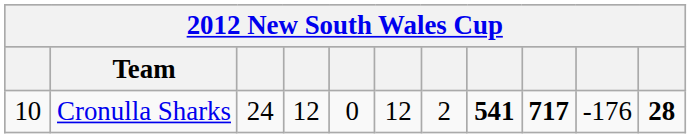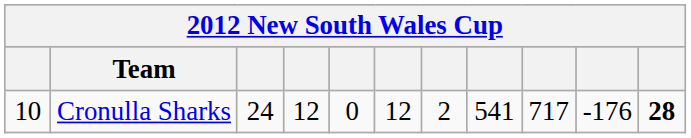 <table class="wikitable" style="text-align:center">
 <tr>
 <th colspan="11"><a href='#'>2012 New South Wales Cup</a></th>
 </tr>
 <tr>
 <th width="20"></th>
 <th>Team</th>
 <th width="20"></th>
 <th width="20"></th>
 <th width="20"></th>
 <th width="20"></th>
 <th width="20"></th>
 <th width="25"></th>
 <th width="25"></th>
 <th width="30"></th>
 <th width="20"></th>
 </tr>
 <tr style="background:">
 <td>10</td>
 <td style="text-align:left;"> <a href='#'>Cronulla Sharks</a></td>
 <td>24</td>
 <td>12</td>
 <td>0</td>
 <td>12</td>
 <td>2</td>
-<td><strong>541</strong></td>
-<td><strong>717</strong></td>
+<td>541</td>
+<td>717</td>
 <td>-176</td>
 <td><strong>28</strong></td>
 </tr>
 </table>
